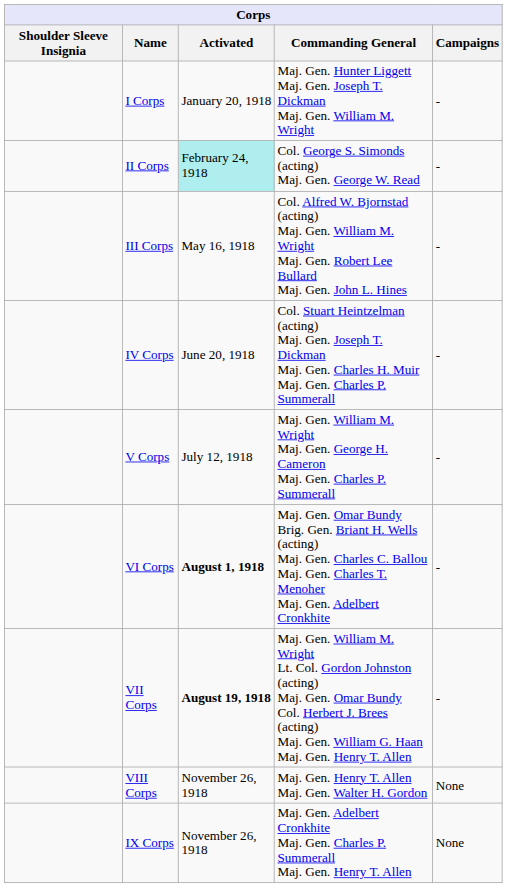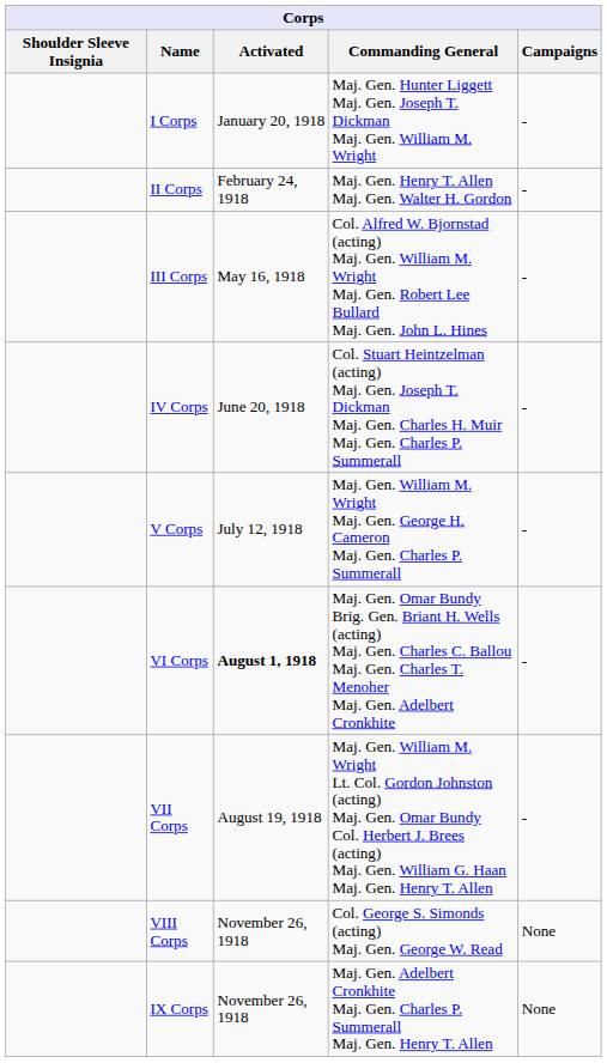 <table class="wikitable">
 <tr>
 <th style="align: center; background: lavender;" colspan="9">Corps</th>
 </tr>
 <tr>
 <th style="text-align: center; ">Shoulder Sleeve Insignia</th>
 <th style="text-align: center; ">Name</th>
 <th style="text-align: center; ">Activated</th>
 <th style="text-align: center; ">Commanding General</th>
 <th style="text-align: center; ">Campaigns</th>
 </tr>
 <tr>
 <td></td>
 <td><a href='#'>I Corps</a></td>
 <td>January 20, 1918</td>
 <td>Maj. Gen. <a href='#'>Hunter Liggett</a><br>Maj. Gen. <a href='#'>Joseph T. Dickman</a><br>Maj. Gen. <a href='#'>William M. Wright</a></td>
 <td>-</td>
 </tr>
 <tr>
 <td></td>
 <td><a href='#'>II Corps</a></td>
-<td style="background: paleturquoise;">February 24, 1918</td>
-<td>Col. <a href='#'>George S. Simonds</a> (acting)<br>Maj. Gen. <a href='#'>George W. Read</a></td>
+<td>February 24, 1918</td>
+<td>Maj. Gen. <a href='#'>Henry T. Allen</a><br>Maj. Gen. <a href='#'>Walter H. Gordon</a></td>
 <td>-</td>
 </tr>
 <tr>
 <td></td>
 <td><a href='#'>III Corps</a></td>
 <td>May 16, 1918</td>
 <td>Col. <a href='#'>Alfred W. Bjornstad</a> (acting)<br>Maj. Gen. <a href='#'>William M. Wright</a><br>Maj. Gen. <a href='#'>Robert Lee Bullard</a><br>Maj. Gen. <a href='#'>John L. Hines</a></td>
 <td>-</td>
 </tr>
 <tr>
 <td></td>
 <td><a href='#'>IV Corps</a></td>
 <td>June 20, 1918</td>
 <td>Col. <a href='#'>Stuart Heintzelman</a> (acting)<br>Maj. Gen. <a href='#'>Joseph T. Dickman</a><br>Maj. Gen. <a href='#'>Charles H. Muir</a><br>Maj. Gen. <a href='#'>Charles P. Summerall</a></td>
 <td>-</td>
 </tr>
 <tr>
 <td></td>
 <td><a href='#'>V Corps</a></td>
 <td>July 12, 1918</td>
 <td>Maj. Gen. <a href='#'>William M. Wright</a><br>Maj. Gen. <a href='#'>George H. Cameron</a><br>Maj. Gen. <a href='#'>Charles P. Summerall</a></td>
 <td>-</td>
 </tr>
 <tr>
 <td></td>
 <td><a href='#'>VI Corps</a></td>
 <td><strong>August 1, 1918</strong></td>
 <td>Maj. Gen. <a href='#'>Omar Bundy</a><br>Brig. Gen. <a href='#'>Briant H. Wells</a> (acting)<br>Maj. Gen. <a href='#'>Charles C. Ballou</a><br>Maj. Gen. <a href='#'>Charles T. Menoher</a><br>Maj. Gen. <a href='#'>Adelbert Cronkhite</a></td>
 <td>-</td>
 </tr>
 <tr>
 <td></td>
 <td><a href='#'>VII Corps</a></td>
-<td><strong>August 19, 1918</strong></td>
+<td>August 19, 1918</td>
 <td>Maj. Gen. <a href='#'>William M. Wright</a><br>Lt. Col. <a href='#'>Gordon Johnston</a> (acting)<br>Maj. Gen. <a href='#'>Omar Bundy</a><br>Col. <a href='#'>Herbert J. Brees</a> (acting)<br>Maj. Gen. <a href='#'>William G. Haan</a><br>Maj. Gen. <a href='#'>Henry T. Allen</a></td>
 <td>-</td>
 </tr>
 <tr>
 <td></td>
 <td><a href='#'>VIII Corps</a></td>
 <td>November 26, 1918</td>
-<td>Maj. Gen. <a href='#'>Henry T. Allen</a><br>Maj. Gen. <a href='#'>Walter H. Gordon</a></td>
+<td>Col. <a href='#'>George S. Simonds</a> (acting)<br>Maj. Gen. <a href='#'>George W. Read</a></td>
 <td>None</td>
 </tr>
 <tr>
 <td></td>
 <td><a href='#'>IX Corps</a></td>
 <td>November 26, 1918</td>
 <td>Maj. Gen. <a href='#'>Adelbert Cronkhite</a><br>Maj. Gen. <a href='#'>Charles P. Summerall</a><br>Maj. Gen. <a href='#'>Henry T. Allen</a></td>
 <td>None</td>
 </tr>
 </table>
